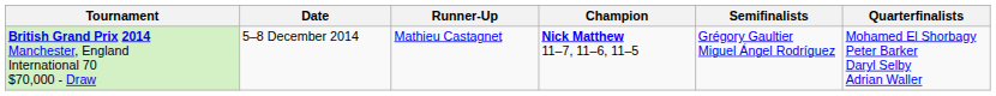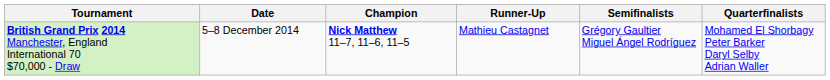 <table class="wikitable" style="font-size:88%">
 <tr>
 <th width=250>Tournament</th>
 <th width=160>Date</th>
+<th width=165>Champion</th>
 <th width=155>Runner-Up</th>
-<th width=165>Champion</th>
 <th width=155>Semifinalists</th>
 <th width=155>Quarterfinalists</th>
 </tr>
 <tr valign=top>
 <td style="background:#D4F1C5;"><strong><a href='#'>British Grand Prix</a> <a href='#'>2014</a></strong><br> <a href='#'>Manchester</a>, England<br>International 70<br>$70,000 - <a href='#'>Draw</a></td>
 <td>5–8 December 2014</td>
+<td> <strong><a href='#'>Nick Matthew</a></strong><br> 11–7, 11–6, 11–5</td>
 <td> <a href='#'>Mathieu Castagnet</a></td>
-<td> <strong><a href='#'>Nick Matthew</a></strong><br> 11–7, 11–6, 11–5</td>
 <td> <a href='#'>Grégory Gaultier</a><br> <a href='#'>Miguel Ángel Rodríguez</a></td>
 <td> <a href='#'>Mohamed El Shorbagy</a><br> <a href='#'>Peter Barker</a><br> <a href='#'>Daryl Selby</a><br> <a href='#'>Adrian Waller</a></td>
 </tr>
 </table>
